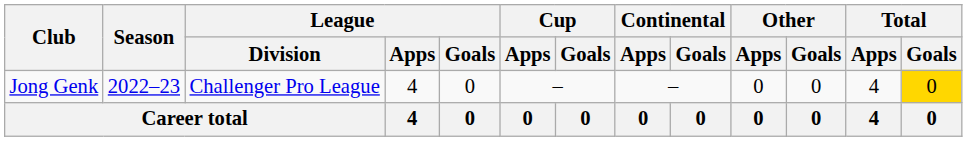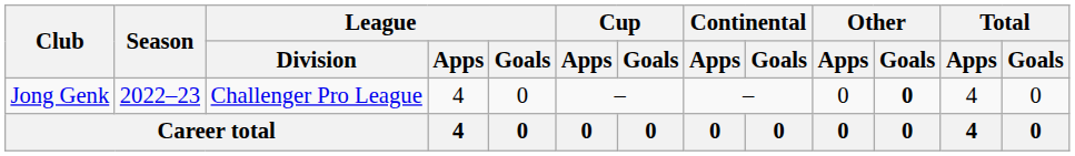 <table class="wikitable" style="text-align: center">
 <tr>
 <th rowspan="2">Club</th>
 <th rowspan="2">Season</th>
 <th colspan="3">League</th>
 <th colspan="2">Cup</th>
 <th colspan="2">Continental</th>
 <th colspan="2">Other</th>
 <th colspan="2">Total</th>
 </tr>
 <tr>
 <th>Division</th>
 <th>Apps</th>
 <th>Goals</th>
 <th>Apps</th>
 <th>Goals</th>
 <th>Apps</th>
 <th>Goals</th>
 <th>Apps</th>
 <th>Goals</th>
 <th>Apps</th>
 <th>Goals</th>
 </tr>
 <tr>
 <td><a href='#'>Jong Genk</a></td>
 <td><a href='#'>2022–23</a></td>
 <td><a href='#'>Challenger Pro League</a></td>
 <td>4</td>
 <td>0</td>
 <td colspan="2">–</td>
 <td colspan="2">–</td>
 <td>0</td>
+<td><strong>0</strong></td>
+<td>4</td>
 <td>0</td>
-<td>4</td>
-<td style="background: gold;">0</td>
 </tr>
 <tr>
 <th colspan="3"><strong>Career total</strong></th>
 <th>4</th>
 <th>0</th>
 <th>0</th>
 <th>0</th>
 <th>0</th>
 <th>0</th>
 <th>0</th>
 <th>0</th>
 <th>4</th>
 <th>0</th>
 </tr>
 </table>
